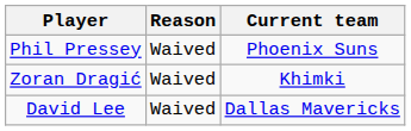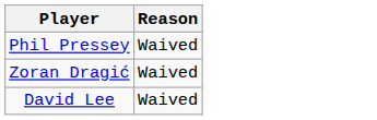 <table class="wikitable sortable sortable">
 <tr>
 <th>Player</th>
 <th>Reason</th>
-<th>Current team</th>
 </tr>
 <tr style="text-align: center">
 <td><a href='#'>Phil Pressey</a></td>
 <td>Waived</td>
-<td><a href='#'>Phoenix Suns</a></td>
 </tr>
 <tr style="text-align: center">
 <td><a href='#'>Zoran Dragić</a></td>
 <td>Waived</td>
-<td><a href='#'>Khimki</a></td>
 </tr>
 <tr style="text-align: center">
 <td><a href='#'>David Lee</a></td>
 <td>Waived</td>
-<td><a href='#'>Dallas Mavericks</a></td>
 </tr>
 </table>
